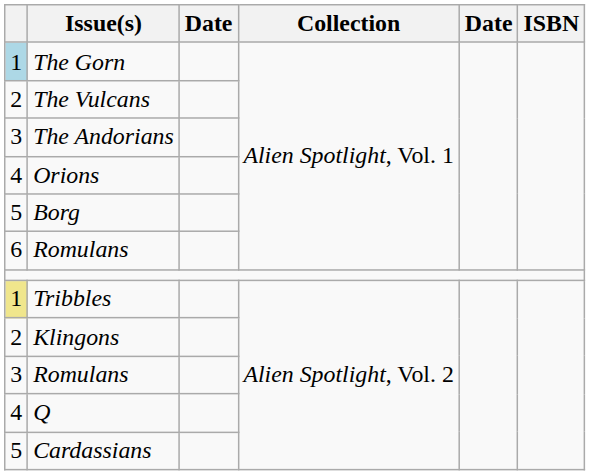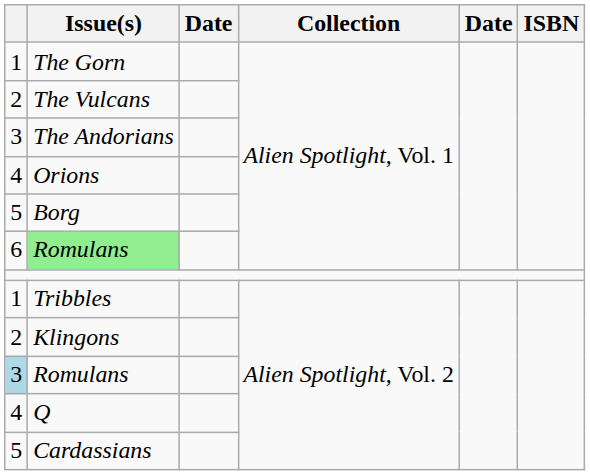 <table class="wikitable">
 <tr>
 <th></th>
 <th>Issue(s)</th>
 <th>Date</th>
 <th>Collection</th>
 <th>Date</th>
 <th>ISBN</th>
 </tr>
 <tr>
-<td style="background: lightblue;">1</td>
+<td>1</td>
 <td><em>The Gorn</em></td>
 <td></td>
 <td rowspan="6"><em>Alien Spotlight</em>, Vol. 1</td>
 <td rowspan="6"></td>
 <td rowspan="6"></td>
 </tr>
 <tr>
 <td>2</td>
 <td><em>The Vulcans</em></td>
 <td></td>
 </tr>
 <tr>
 <td>3</td>
 <td><em>The Andorians</em></td>
 <td></td>
 </tr>
 <tr>
 <td>4</td>
 <td><em>Orions</em></td>
 <td></td>
 </tr>
 <tr>
 <td>5</td>
 <td><em>Borg</em></td>
 <td></td>
 </tr>
 <tr>
 <td>6</td>
-<td><em>Romulans</em></td>
+<td style="background: lightgreen;"><em>Romulans</em></td>
 <td></td>
 </tr>
 <tr>
 <td colspan="6"></td>
 </tr>
 <tr>
-<td style="background: khaki;">1</td>
+<td>1</td>
 <td><em>Tribbles</em></td>
 <td></td>
 <td rowspan="5"><em>Alien Spotlight</em>, Vol. 2</td>
 <td rowspan="5"></td>
 <td rowspan="5"></td>
 </tr>
 <tr>
 <td>2</td>
 <td><em>Klingons</em></td>
 <td></td>
 </tr>
 <tr>
-<td>3</td>
+<td style="background: lightblue;">3</td>
 <td><em>Romulans</em></td>
 <td></td>
 </tr>
 <tr>
 <td>4</td>
 <td><em>Q</em></td>
 <td></td>
 </tr>
 <tr>
 <td>5</td>
 <td><em>Cardassians</em></td>
 <td></td>
 </tr>
 </table>
